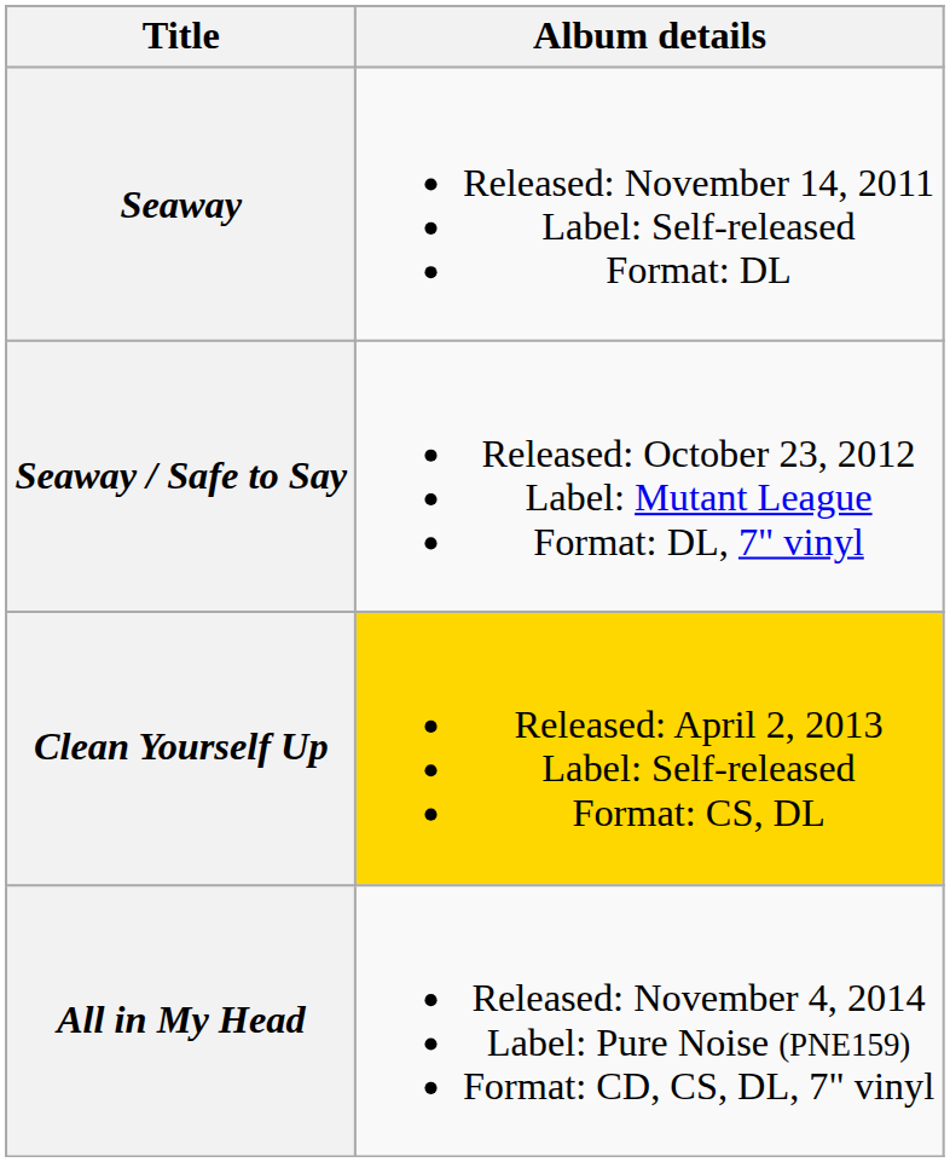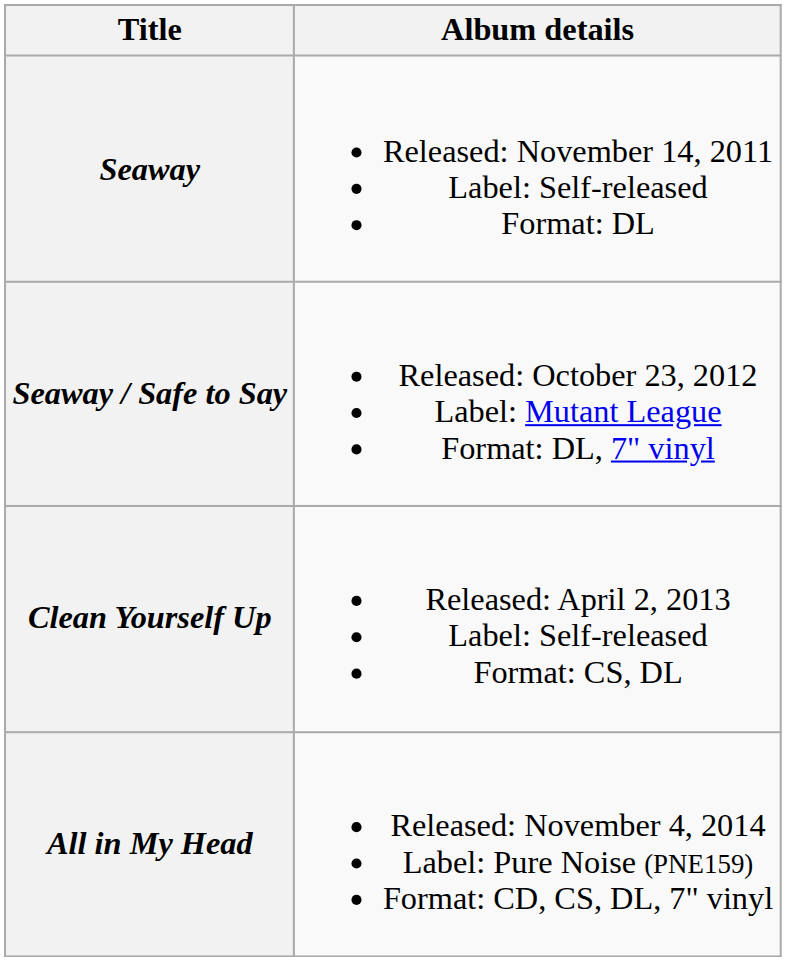 <table class="wikitable plainrowheaders" style="text-align:center;">
 <tr>
 <th scope="col" rowspan="1">Title</th>
 <th scope="col" rowspan="1">Album details</th>
 </tr>
 <tr>
 <th scope="row"><em>Seaway</em></th>
 <td><br><ul><li>Released: November 14, 2011</li><li>Label: Self-released</li><li>Format: DL</li></ul></td>
 </tr>
 <tr>
 <th scope="row"><em>Seaway / Safe to Say</em></th>
 <td><br><ul><li>Released: October 23, 2012</li><li>Label: <a href='#'>Mutant League</a></li><li>Format: DL, <a href='#'>7" vinyl</a></li></ul></td>
 </tr>
 <tr>
 <th scope="row"><em>Clean Yourself Up</em></th>
-<td style="background: gold;"><br><ul><li>Released: April 2, 2013</li><li>Label: Self-released</li><li>Format: CS, DL</li></ul></td>
+<td><br><ul><li>Released: April 2, 2013</li><li>Label: Self-released</li><li>Format: CS, DL</li></ul></td>
 </tr>
 <tr>
 <th scope="row"><em>All in My Head</em></th>
 <td><br><ul><li>Released: November 4, 2014</li><li>Label: Pure Noise <small>(PNE159)</small></li><li>Format: CD, CS, DL, 7" vinyl</li></ul></td>
 </tr>
 </table>
